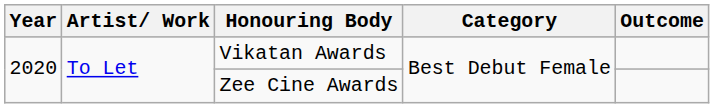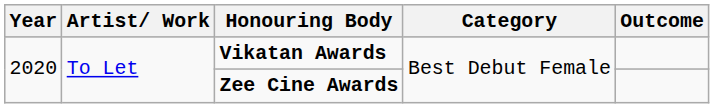 <table class="wikitable sortable">
 <tr>
 <th>Year</th>
 <th>Artist/ Work</th>
 <th>Honouring Body</th>
 <th>Category</th>
 <th>Outcome</th>
 </tr>
 <tr>
 <td rowspan="2">2020</td>
 <td rowspan="2"><a href='#'>To Let</a></td>
-<td>Vikatan Awards</td>
+<td><strong>Vikatan Awards</strong></td>
 <td rowspan="2">Best Debut Female</td>
 <td></td>
 </tr>
 <tr>
-<td>Zee Cine Awards</td>
+<td><strong>Zee Cine Awards</strong></td>
 <td></td>
 </tr>
 </table>
